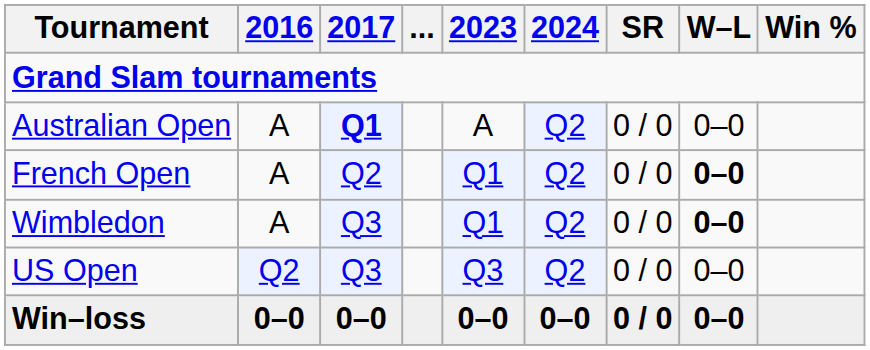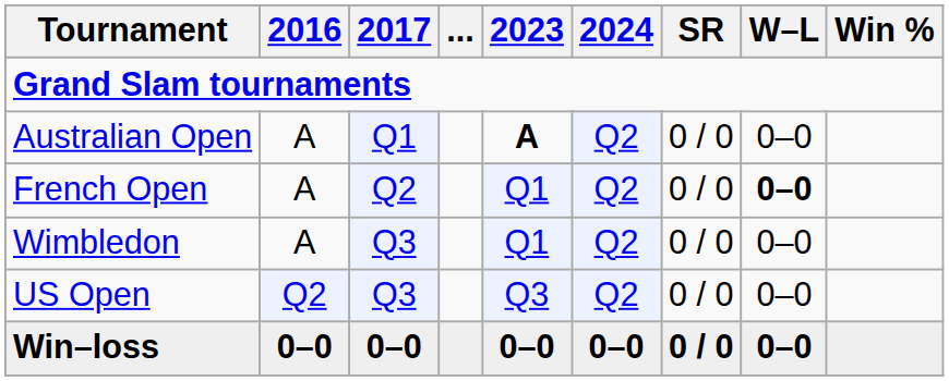 <table class=wikitable style=text-align:center>
 <tr>
 <th>Tournament</th>
 <th><a href='#'>2016</a></th>
 <th><a href='#'>2017</a></th>
 <th>...</th>
 <th><a href='#'>2023</a></th>
 <th><a href='#'>2024</a></th>
 <th>SR</th>
 <th>W–L</th>
 <th>Win %</th>
 </tr>
 <tr>
 <td colspan="14" style="text-align:left"><a href='#'><strong>Grand Slam tournaments</strong></a></td>
 </tr>
 <tr>
 <td align=left><a href='#'>Australian Open</a></td>
 <td>A</td>
-<td bgcolor=ecf2ff><strong><a href='#'>Q1</a></strong></td>
+<td bgcolor=ecf2ff><a href='#'>Q1</a></td>
 <td></td>
-<td>A</td>
+<td><strong>A</strong></td>
 <td bgcolor=ecf2ff><a href='#'>Q2</a></td>
 <td>0 / 0</td>
 <td>0–0</td>
 <td></td>
 </tr>
 <tr>
 <td align=left><a href='#'>French Open</a></td>
 <td>A</td>
 <td bgcolor=ecf2ff><a href='#'>Q2</a></td>
 <td></td>
 <td bgcolor=ecf2ff><a href='#'>Q1</a></td>
 <td bgcolor=ecf2ff><a href='#'>Q2</a></td>
 <td>0 / 0</td>
 <td><strong>0–0</strong></td>
 <td></td>
 </tr>
 <tr>
 <td align=left><a href='#'>Wimbledon</a></td>
 <td>A</td>
 <td bgcolor=ecf2ff><a href='#'>Q3</a></td>
 <td></td>
 <td bgcolor=ecf2ff><a href='#'>Q1</a></td>
 <td bgcolor=ecf2ff><a href='#'>Q2</a></td>
 <td>0 / 0</td>
-<td><strong>0–0</strong></td>
+<td>0–0</td>
 <td></td>
 </tr>
 <tr>
 <td align=left><a href='#'>US Open</a></td>
 <td bgcolor=ecf2ff><a href='#'>Q2</a></td>
 <td bgcolor=ecf2ff><a href='#'>Q3</a></td>
 <td></td>
 <td bgcolor=ecf2ff><a href='#'>Q3</a></td>
 <td bgcolor=ecf2ff><a href='#'>Q2</a></td>
 <td>0 / 0</td>
 <td>0–0</td>
 <td></td>
 </tr>
 <tr style=font-weight:bold;background:#efefef>
 <td style=text-align:left>Win–loss</td>
 <td>0–0</td>
 <td>0–0</td>
 <td></td>
 <td>0–0</td>
 <td>0–0</td>
 <td>0 / 0</td>
 <td>0–0</td>
 <td></td>
 </tr>
 </table>
